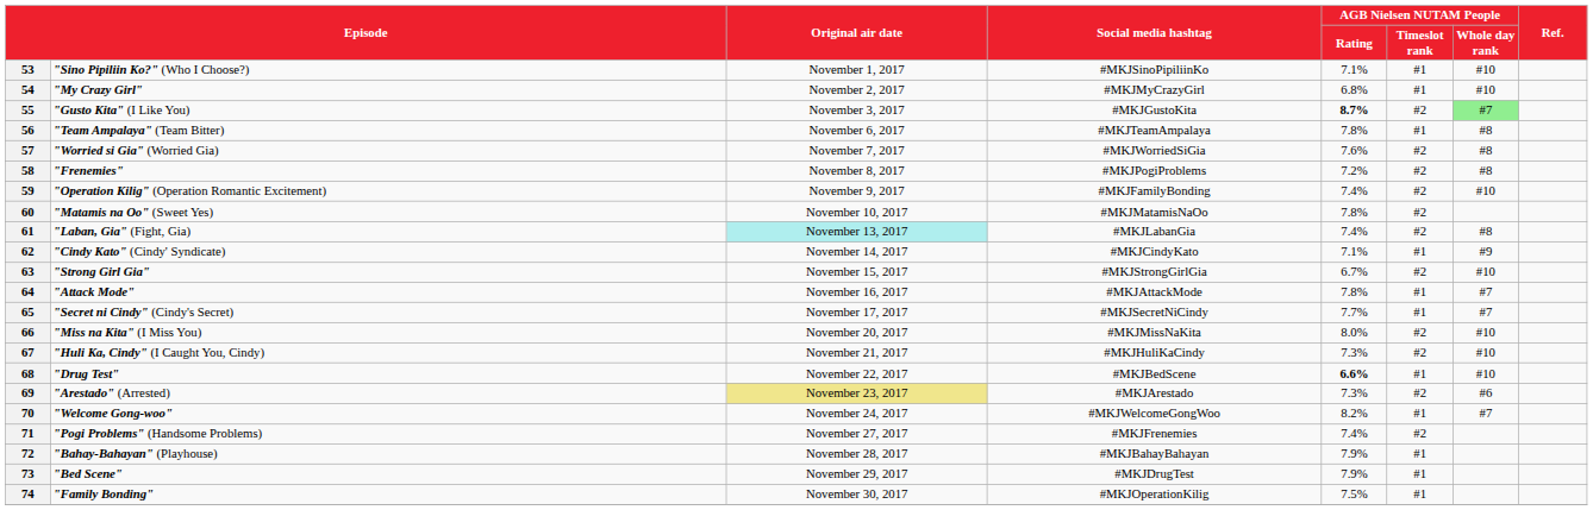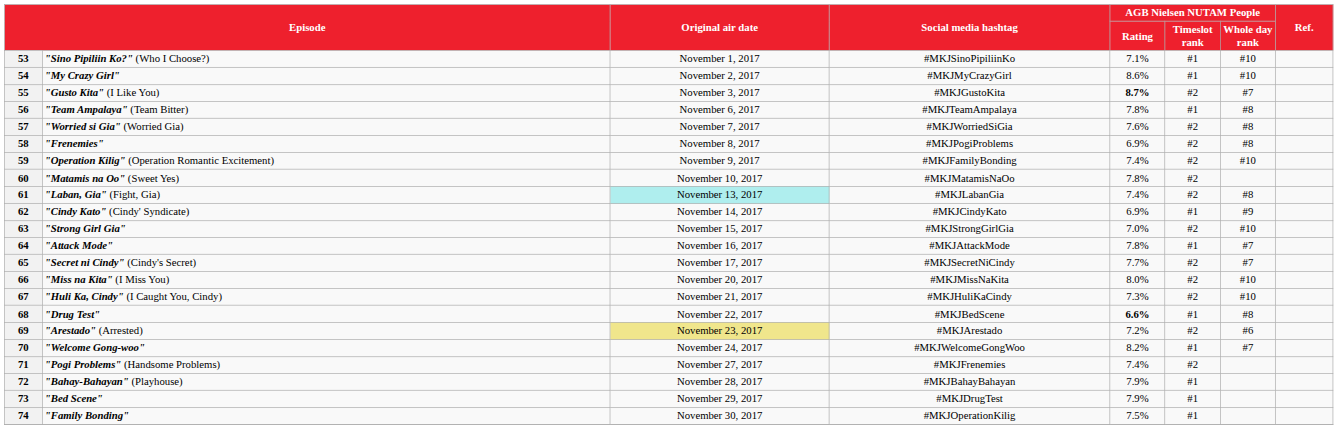 <table class="wikitable" style="text-align:center; font-size:100%; line-height:18px;"  width="100%">
 <tr>
 <th style="background-color:#ee202d; color:#ffffff;" colspan="2" rowspan="2">Episode</th>
 <th style="background:#ee202d; color:white" rowspan="2">Original air date</th>
 <th style="background:#ee202d; color:white" rowspan="2">Social media hashtag</th>
 <th style="background-color:#ee202d; color:#ffffff;" colspan="3">AGB Nielsen NUTAM People</th>
 <th style="background-color:#ee202d; color:#ffffff;" rowspan="2">Ref.</th>
 </tr>
 <tr>
 <th style="background-color:#ee202d; width:75px; color:#ffffff;">Rating</th>
 <th style="background-color:#ee202d; width:75px; color:#ffffff;">Timeslot<br>rank</th>
 <th style="background-color:#ee202d; width:75px; color:#ffffff;">Whole day<br>rank</th>
 </tr>
 <tr>
 <th>53</th>
 <td style="text-align: left;"><strong><em>"Sino Pipiliin Ko?"</em></strong> (Who I Choose?)</td>
 <td>November 1, 2017</td>
 <td>#MKJSinoPipiliinKo</td>
 <td>7.1%</td>
 <td>#1</td>
 <td>#10</td>
 <td></td>
 </tr>
 <tr>
 <th>54</th>
 <td style="text-align: left;"><strong><em>"My Crazy Girl"</em></strong></td>
 <td>November 2, 2017</td>
 <td>#MKJMyCrazyGirl</td>
-<td>6.8%</td>
+<td>8.6%</td>
 <td>#1</td>
 <td>#10</td>
 <td></td>
 </tr>
 <tr>
 <th>55</th>
 <td style="text-align: left;"><strong><em>"Gusto Kita"</em></strong> (I Like You)</td>
 <td>November 3, 2017</td>
 <td>#MKJGustoKita</td>
 <td><span><strong>8.7%</strong></span></td>
 <td>#2</td>
-<td style="background: lightgreen;">#7</td>
+<td>#7</td>
 <td></td>
 </tr>
 <tr>
 <th>56</th>
 <td style="text-align: left;"><strong><em>"Team Ampalaya"</em></strong> (Team Bitter)</td>
 <td>November 6, 2017</td>
 <td>#MKJTeamAmpalaya</td>
 <td>7.8%</td>
 <td>#1</td>
 <td>#8</td>
 <td></td>
 </tr>
 <tr>
 <th>57</th>
 <td style="text-align: left;"><strong><em>"Worried si Gia"</em></strong> (Worried Gia)</td>
 <td>November 7, 2017</td>
 <td>#MKJWorriedSiGia</td>
 <td>7.6%</td>
 <td>#2</td>
 <td>#8</td>
 <td></td>
 </tr>
 <tr>
 <th>58</th>
 <td style="text-align: left;"><strong><em>"Frenemies"</em></strong></td>
 <td>November 8, 2017</td>
 <td>#MKJPogiProblems</td>
-<td>7.2%</td>
+<td>6.9%</td>
 <td>#2</td>
 <td>#8</td>
 <td></td>
 </tr>
 <tr>
 <th>59</th>
 <td style="text-align: left;"><strong><em>"Operation Kilig"</em></strong> (Operation Romantic Excitement)</td>
 <td>November 9, 2017</td>
 <td>#MKJFamilyBonding</td>
 <td>7.4%</td>
 <td>#2</td>
 <td>#10</td>
 <td></td>
 </tr>
 <tr>
 <th>60</th>
 <td style="text-align: left;"><strong><em>"Matamis na Oo"</em></strong> (Sweet Yes)</td>
 <td>November 10, 2017</td>
 <td>#MKJMatamisNaOo</td>
 <td>7.8%</td>
 <td>#2</td>
 <td></td>
 <td></td>
 </tr>
 <tr>
 <th>61</th>
 <td style="text-align: left;"><strong><em>"Laban, Gia"</em></strong> (Fight, Gia)</td>
 <td style="background: paleturquoise;">November 13, 2017</td>
 <td>#MKJLabanGia</td>
 <td>7.4%</td>
 <td>#2</td>
 <td>#8</td>
 <td></td>
 </tr>
 <tr>
 <th>62</th>
 <td style="text-align: left;"><strong><em>"Cindy Kato"</em></strong> (Cindy' Syndicate)</td>
 <td>November 14, 2017</td>
 <td>#MKJCindyKato</td>
-<td>7.1%</td>
+<td>6.9%</td>
 <td>#1</td>
 <td>#9</td>
 <td></td>
 </tr>
 <tr>
 <th>63</th>
 <td style="text-align: left;"><strong><em>"Strong Girl Gia"</em></strong></td>
 <td>November 15, 2017</td>
 <td>#MKJStrongGirlGia</td>
-<td>6.7%</td>
+<td>7.0%</td>
 <td>#2</td>
 <td>#10</td>
 <td></td>
 </tr>
 <tr>
 <th>64</th>
 <td style="text-align: left;"><strong><em>"Attack Mode"</em></strong></td>
 <td>November 16, 2017</td>
 <td>#MKJAttackMode</td>
 <td>7.8%</td>
 <td>#1</td>
 <td>#7</td>
 <td></td>
 </tr>
 <tr>
 <th>65</th>
 <td style="text-align: left;"><strong><em>"Secret ni Cindy"</em></strong> (Cindy's Secret)</td>
 <td>November 17, 2017</td>
 <td>#MKJSecretNiCindy</td>
 <td>7.7%</td>
-<td>#1</td>
+<td>#2</td>
 <td>#7</td>
 <td></td>
 </tr>
 <tr>
 <th>66</th>
 <td style="text-align: left;"><strong><em>"Miss na Kita"</em></strong> (I Miss You)</td>
 <td>November 20, 2017</td>
 <td>#MKJMissNaKita</td>
 <td>8.0%</td>
 <td>#2</td>
 <td>#10</td>
 <td></td>
 </tr>
 <tr>
 <th>67</th>
 <td style="text-align: left;"><strong><em>"Huli Ka, Cindy"</em></strong> (I Caught You, Cindy)</td>
 <td>November 21, 2017</td>
 <td>#MKJHuliKaCindy</td>
 <td>7.3%</td>
 <td>#2</td>
 <td>#10</td>
 <td></td>
 </tr>
 <tr>
 <th>68</th>
 <td style="text-align: left;"><strong><em>"Drug Test"</em></strong></td>
 <td>November 22, 2017</td>
 <td>#MKJBedScene</td>
 <td><span><strong>6.6%</strong></span></td>
 <td>#1</td>
-<td>#10</td>
+<td>#8</td>
 <td></td>
 </tr>
 <tr>
 <th>69</th>
 <td style="text-align: left;"><strong><em>"Arestado"</em></strong> (Arrested)</td>
 <td style="background: khaki;">November 23, 2017</td>
 <td>#MKJArestado</td>
-<td>7.3%</td>
+<td>7.2%</td>
 <td>#2</td>
 <td>#6</td>
 <td></td>
 </tr>
 <tr>
 <th>70</th>
 <td style="text-align: left;"><strong><em>"Welcome Gong-woo"</em></strong></td>
 <td>November 24, 2017</td>
 <td>#MKJWelcomeGongWoo</td>
 <td>8.2%</td>
 <td>#1</td>
 <td>#7</td>
 <td></td>
 </tr>
 <tr>
 <th>71</th>
 <td style="text-align: left;"><strong><em>"Pogi Problems"</em></strong> (Handsome Problems)</td>
 <td>November 27, 2017</td>
 <td>#MKJFrenemies</td>
 <td>7.4%</td>
 <td>#2</td>
 <td></td>
 <td></td>
 </tr>
 <tr>
 <th>72</th>
 <td style="text-align: left;"><strong><em>"Bahay-Bahayan"</em></strong> (Playhouse)</td>
 <td>November 28, 2017</td>
 <td>#MKJBahayBahayan</td>
 <td>7.9%</td>
 <td>#1</td>
 <td></td>
 <td></td>
 </tr>
 <tr>
 <th>73</th>
 <td style="text-align: left;"><strong><em>"Bed Scene"</em></strong></td>
 <td>November 29, 2017</td>
 <td>#MKJDrugTest</td>
 <td>7.9%</td>
 <td>#1</td>
 <td></td>
 <td></td>
 </tr>
 <tr>
 <th>74</th>
 <td style="text-align: left;"><strong><em>"Family Bonding"</em></strong></td>
 <td>November 30, 2017</td>
 <td>#MKJOperationKilig</td>
 <td>7.5%</td>
 <td>#1</td>
 <td></td>
 <td></td>
 </tr>
 <tr>
 </tr>
 </table>
